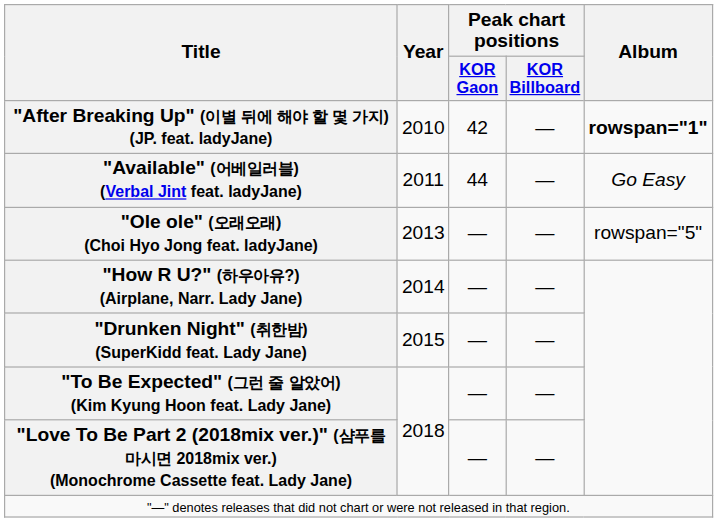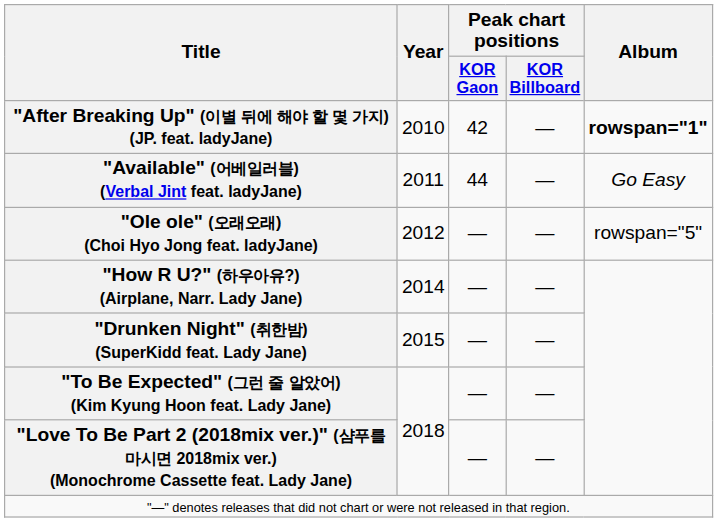 <table class="wikitable plainrowheaders" style="text-align:center;">
 <tr>
 <th scope="col" rowspan="2" style="width:20em;">Title</th>
 <th scope="col" rowspan="2">Year</th>
 <th scope="col" colspan="2">Peak chart positions</th>
 <th scope="col" rowspan="2">Album</th>
 </tr>
 <tr>
 <th scope="col" style="width:3em;font-size:85%;"><a href='#'>KOR<br>Gaon</a><br></th>
 <th scope="col" style="width:3em;font-size:85%;"><a href='#'>KOR<br>Billboard</a><br></th>
 </tr>
 <tr>
 <th scope="row">"After Breaking Up" <small>(이별 뒤에 해야 할 몇 가지)</small><br><small>(JP. feat. ladyJane)</small></th>
 <td rowspan="1">2010</td>
 <td>42</td>
 <td>—</td>
 <td><strong>rowspan="1" </strong></td>
 </tr>
 <tr>
 <th scope="row">"Available" <small>(어베일러블)</small><br><small>(<a href='#'>Verbal Jint</a> feat. ladyJane)</small></th>
 <td rowspan="1">2011</td>
 <td>44</td>
 <td>—</td>
 <td><em>Go Easy</em></td>
 </tr>
 <tr>
 <th scope="row">"Ole ole" <small>(오래오래)</small><br><small>(Choi Hyo Jong feat. ladyJane)</small></th>
-<td rowspan="1">2013</td>
+<td rowspan="1">2012</td>
 <td>—</td>
 <td>—</td>
 <td>rowspan="5" </td>
 </tr>
 <tr>
 <th scope="row">"How R U?" <small>(하우아유?)</small><br><small>(Airplane, Narr. Lady Jane)</small></th>
 <td rowspan="1">2014</td>
 <td>—</td>
 <td>—</td>
 </tr>
 <tr>
 <th scope="row">"Drunken Night" <small>(취한밤)</small><br><small>(SuperKidd feat. Lady Jane)</small></th>
 <td rowspan="1">2015</td>
 <td>—</td>
 <td>—</td>
 </tr>
 <tr>
 <th scope="row">"To Be Expected" <small>(그런 줄 알았어)</small><br><small>(Kim Kyung Hoon feat. Lady Jane)</small></th>
 <td rowspan="2">2018</td>
 <td>—</td>
 <td>—</td>
 </tr>
 <tr>
 <th scope="row">"Love To Be Part 2 (2018mix ver.)" <small>(샴푸를 마시면 2018mix ver.)</small><br><small>(Monochrome Cassette feat. Lady Jane)</small></th>
 <td>—</td>
 <td>—</td>
 </tr>
 <tr>
 <td colspan="5" style="font-size:8pt;">"—" denotes releases that did not chart or were not released in that region.</td>
 </tr>
 </table>
